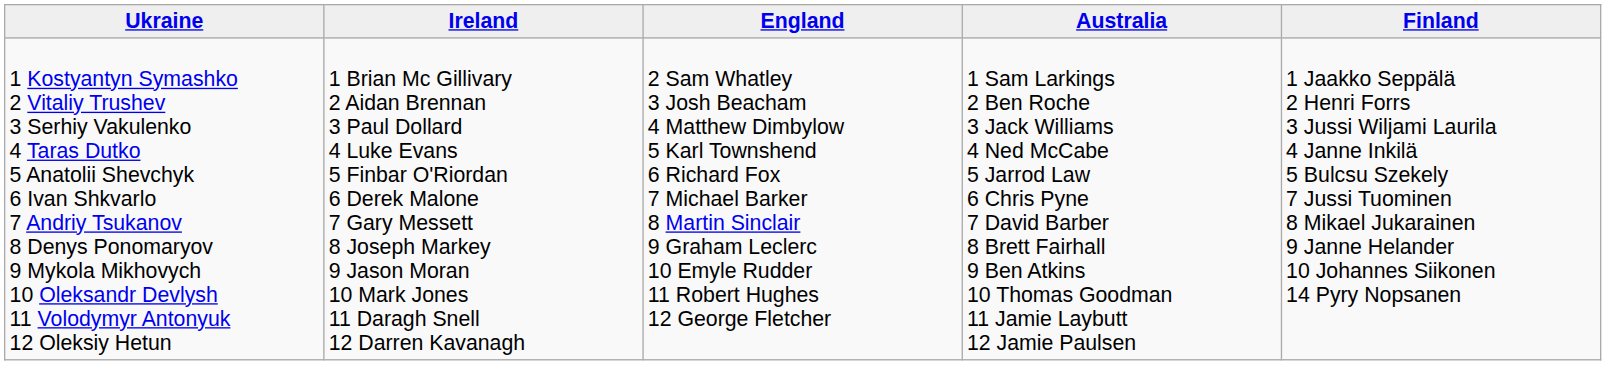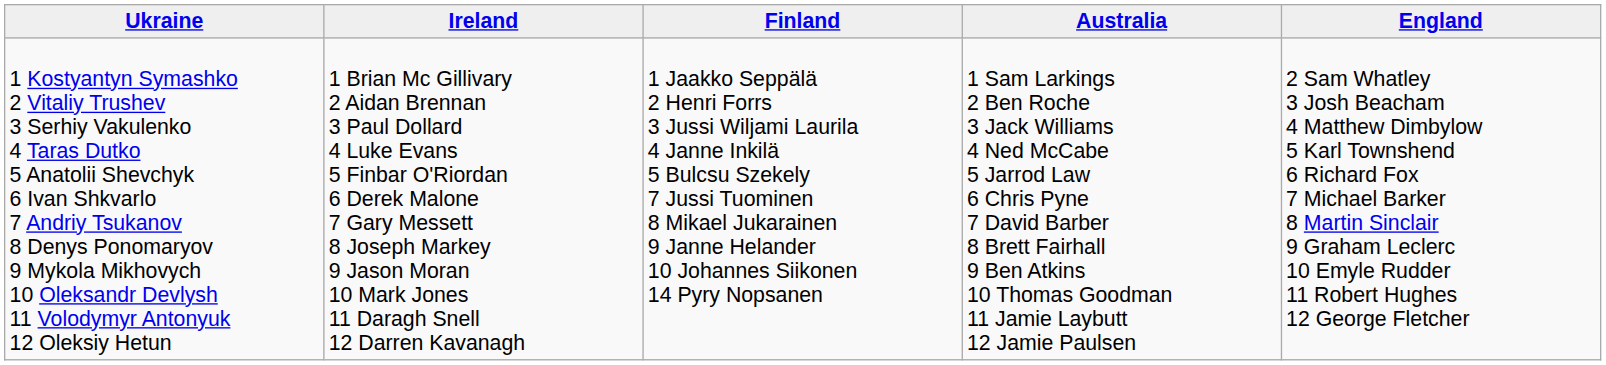 <table class="wikitable mw-collapsible mw-collapsed" cellpadding=5 cellspacing=0 style="width:95%">
 <tr align=center>
 <td bgcolor="#efefef" width="200"><strong> <a href='#'>Ukraine</a></strong></td>
 <td bgcolor="#efefef" width="200"><strong> <a href='#'>Ireland</a></strong></td>
+<td bgcolor="#efefef" width="200"><strong> <a href='#'>Finland</a></strong></td>
+<td bgcolor="#efefef" width="200"><strong> <a href='#'>Australia</a></strong></td>
 <td bgcolor="#efefef" width="200"><strong> <a href='#'>England</a></strong></td>
-<td bgcolor="#efefef" width="200"><strong> <a href='#'>Australia</a></strong></td>
-<td bgcolor="#efefef" width="200"><strong> <a href='#'>Finland</a></strong></td>
 </tr>
 <tr valign=top>
 <td><br>1 <a href='#'>Kostyantyn Symashko</a><br> 2 <a href='#'>Vitaliy Trushev</a><br> 3 Serhiy Vakulenko<br> 4 <a href='#'>Taras Dutko</a><br> 5 Anatolii Shevchyk<br> 6 Ivan Shkvarlo<br> 7 <a href='#'>Andriy Tsukanov</a><br> 8 Denys Ponomaryov<br> 9 Mykola Mikhovych<br> 10 <a href='#'>Oleksandr Devlysh</a><br> 11 <a href='#'>Volodymyr Antonyuk</a><br> 12 Oleksiy Hetun<br></td>
 <td><br>1 Brian Mc Gillivary<br> 2 Aidan Brennan<br> 3 Paul Dollard<br> 4 Luke Evans<br> 5 Finbar O'Riordan<br> 6 Derek Malone<br> 7 Gary Messett<br> 8 Joseph Markey<br> 9 Jason Moran<br> 10 Mark Jones<br> 11 Daragh Snell<br> 12 Darren Kavanagh<br></td>
+<td><br>1 Jaakko Seppälä<br> 2 Henri Forrs<br> 3 Jussi Wiljami Laurila<br> 4 Janne Inkilä<br> 5 Bulcsu Szekely<br> 7 Jussi Tuominen<br> 8 Mikael Jukarainen<br> 9 Janne Helander<br> 10 Johannes Siikonen<br> 14 Pyry Nopsanen<br></td>
+<td><br>1 Sam Larkings<br> 2 Ben Roche<br> 3 Jack Williams<br> 4 Ned McCabe<br> 5 Jarrod Law<br> 6 Chris Pyne<br> 7 David Barber<br> 8 Brett Fairhall<br> 9 Ben Atkins<br> 10 Thomas Goodman<br> 11 Jamie Laybutt<br> 12 Jamie Paulsen<br></td>
 <td><br>2 Sam Whatley<br> 3 Josh Beacham<br> 4 Matthew Dimbylow<br> 5 Karl Townshend<br> 6 Richard Fox<br> 7 Michael Barker<br> 8 <a href='#'>Martin Sinclair</a><br> 9 Graham Leclerc<br> 10 Emyle Rudder<br> 11 Robert Hughes<br> 12 George Fletcher<br></td>
-<td><br>1 Sam Larkings<br> 2 Ben Roche<br> 3 Jack Williams<br> 4 Ned McCabe<br> 5 Jarrod Law<br> 6 Chris Pyne<br> 7 David Barber<br> 8 Brett Fairhall<br> 9 Ben Atkins<br> 10 Thomas Goodman<br> 11 Jamie Laybutt<br> 12 Jamie Paulsen<br></td>
-<td><br>1 Jaakko Seppälä<br> 2 Henri Forrs<br> 3 Jussi Wiljami Laurila<br> 4 Janne Inkilä<br> 5 Bulcsu Szekely<br> 7 Jussi Tuominen<br> 8 Mikael Jukarainen<br> 9 Janne Helander<br> 10 Johannes Siikonen<br> 14 Pyry Nopsanen<br></td>
 </tr>
 </table>
